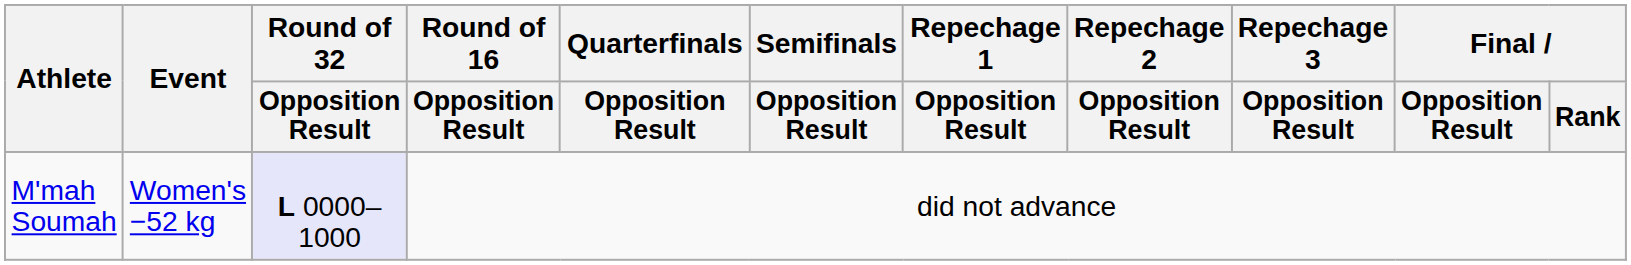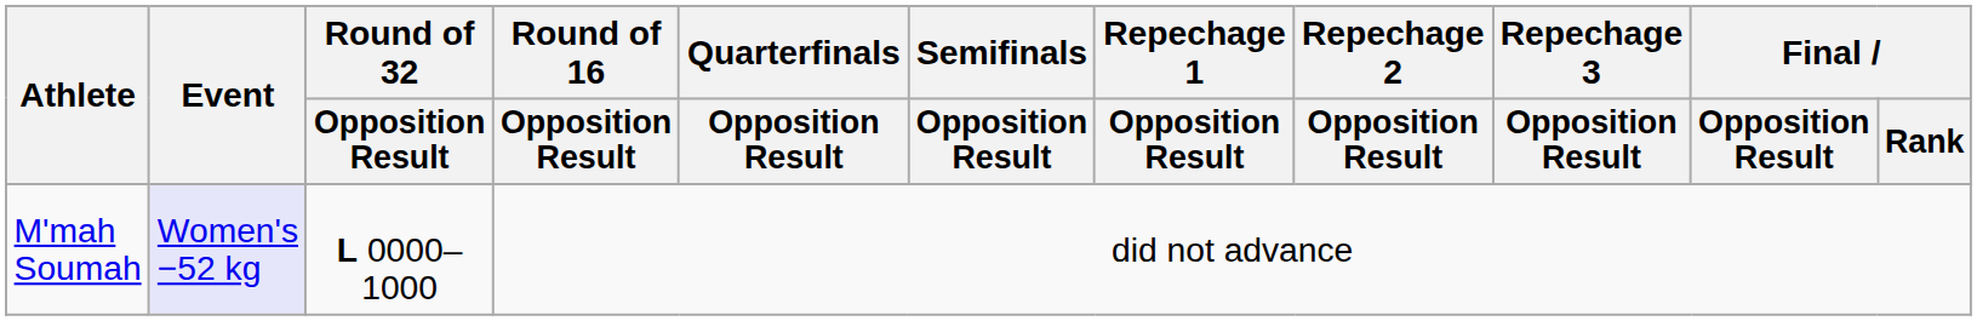 <table class="wikitable" style="font-size:90%">
 <tr>
 <th rowspan="2">Athlete</th>
 <th rowspan="2">Event</th>
 <th>Round of 32</th>
 <th>Round of 16</th>
 <th>Quarterfinals</th>
 <th>Semifinals</th>
 <th>Repechage 1</th>
 <th>Repechage 2</th>
 <th>Repechage 3</th>
 <th colspan=2>Final / </th>
 </tr>
 <tr style="font-size:95%">
 <th>Opposition<br>Result</th>
 <th>Opposition<br>Result</th>
 <th>Opposition<br>Result</th>
 <th>Opposition<br>Result</th>
 <th>Opposition<br>Result</th>
 <th>Opposition<br>Result</th>
 <th>Opposition<br>Result</th>
 <th>Opposition<br>Result</th>
 <th>Rank</th>
 </tr>
 <tr align=center>
 <td align=left><a href='#'>M'mah Soumah</a></td>
-<td align=left><a href='#'>Women's −52 kg</a></td>
-<td style="background: lavender;"><br><strong>L</strong> 0000–1000</td>
+<td align=left style="background: lavender;"><a href='#'>Women's −52 kg</a></td>
+<td><br><strong>L</strong> 0000–1000</td>
 <td colspan=8>did not advance</td>
 </tr>
 </table>
